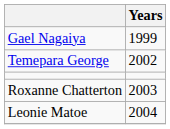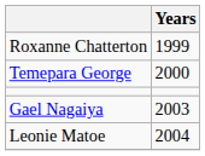 <table class="wikitable collapsible">
 <tr>
 <th></th>
 <th>Years</th>
 </tr>
 <tr>
-<td><a href='#'>Gael Nagaiya</a></td>
+<td>Roxanne Chatterton</td>
 <td>1999</td>
 </tr>
 <tr>
 <td><a href='#'>Temepara George</a></td>
-<td>2002</td>
+<td>2000</td>
 </tr>
 <tr>
 <td></td>
 </tr>
 <tr>
-<td>Roxanne Chatterton</td>
+<td><a href='#'>Gael Nagaiya</a></td>
 <td>2003</td>
 </tr>
 <tr>
 <td>Leonie Matoe</td>
 <td>2004</td>
 </tr>
 <tr>
 </tr>
 </table>
